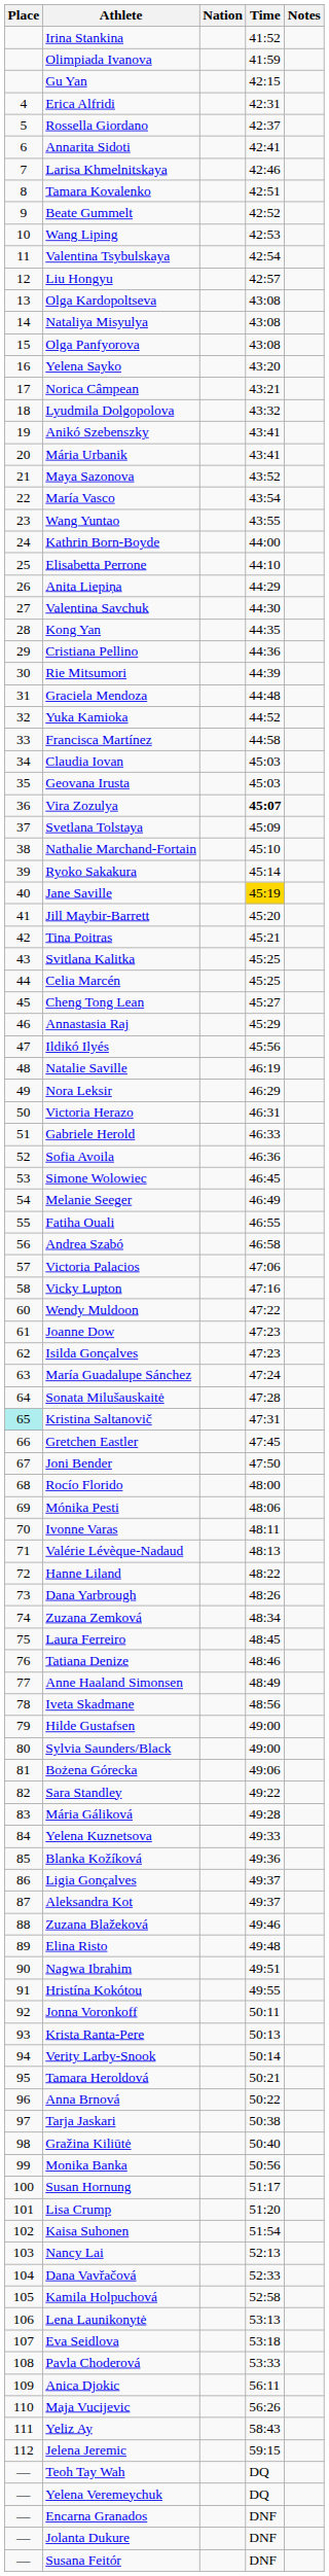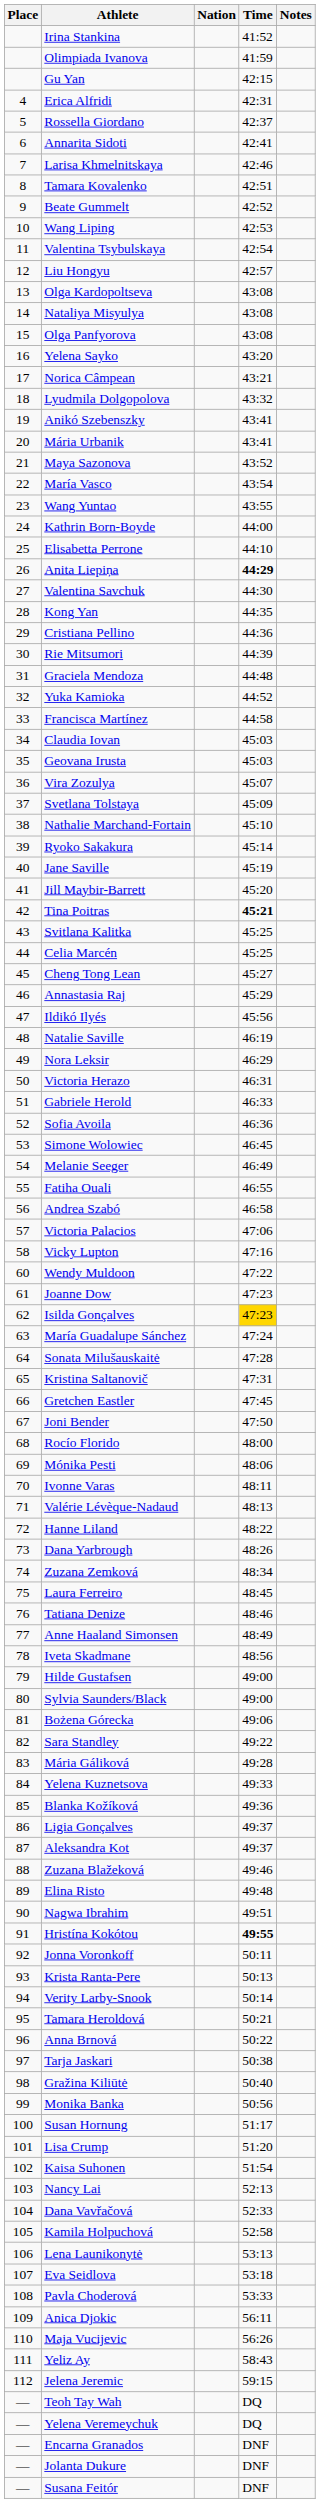 <table class="wikitable sortable">
 <tr>
 <th>Place</th>
 <th>Athlete</th>
 <th>Nation</th>
 <th>Time</th>
 <th>Notes</th>
 </tr>
 <tr>
 <td align=center></td>
 <td><a href='#'>Irina Stankina</a></td>
 <td></td>
 <td>41:52</td>
 <td> </td>
 </tr>
 <tr>
 <td align=center></td>
 <td><a href='#'>Olimpiada Ivanova</a></td>
 <td></td>
 <td>41:59</td>
 <td> </td>
 </tr>
 <tr>
 <td align=center></td>
 <td><a href='#'>Gu Yan</a></td>
 <td></td>
 <td>42:15</td>
 <td> </td>
 </tr>
 <tr>
 <td align=center>4</td>
 <td><a href='#'>Erica Alfridi</a></td>
 <td></td>
 <td>42:31</td>
 <td> </td>
 </tr>
 <tr>
 <td align=center>5</td>
 <td><a href='#'>Rossella Giordano</a></td>
 <td></td>
 <td>42:37</td>
 <td> </td>
 </tr>
 <tr>
 <td align=center>6</td>
 <td><a href='#'>Annarita Sidoti</a></td>
 <td></td>
 <td>42:41</td>
 <td> </td>
 </tr>
 <tr>
 <td align=center>7</td>
 <td><a href='#'>Larisa Khmelnitskaya</a></td>
 <td></td>
 <td>42:46</td>
 <td> </td>
 </tr>
 <tr>
 <td align=center>8</td>
 <td><a href='#'>Tamara Kovalenko</a></td>
 <td></td>
 <td>42:51</td>
 <td> </td>
 </tr>
 <tr>
 <td align=center>9</td>
 <td><a href='#'>Beate Gummelt</a></td>
 <td></td>
 <td>42:52</td>
 <td> </td>
 </tr>
 <tr>
 <td align=center>10</td>
 <td><a href='#'>Wang Liping</a></td>
 <td></td>
 <td>42:53</td>
 <td> </td>
 </tr>
 <tr>
 <td align=center>11</td>
 <td><a href='#'>Valentina Tsybulskaya</a></td>
 <td></td>
 <td>42:54</td>
 <td> </td>
 </tr>
 <tr>
 <td align=center>12</td>
 <td><a href='#'>Liu Hongyu</a></td>
 <td></td>
 <td>42:57</td>
 <td> </td>
 </tr>
 <tr>
 <td align=center>13</td>
 <td><a href='#'>Olga Kardopoltseva</a></td>
 <td></td>
 <td>43:08</td>
 <td> </td>
 </tr>
 <tr>
 <td align=center>14</td>
 <td><a href='#'>Nataliya Misyulya</a></td>
 <td></td>
 <td>43:08</td>
 <td> </td>
 </tr>
 <tr>
 <td align=center>15</td>
 <td><a href='#'>Olga Panfyorova</a></td>
 <td></td>
 <td>43:08</td>
 <td> </td>
 </tr>
 <tr>
 <td align=center>16</td>
 <td><a href='#'>Yelena Sayko</a></td>
 <td></td>
 <td>43:20</td>
 <td> </td>
 </tr>
 <tr>
 <td align=center>17</td>
 <td><a href='#'>Norica Câmpean</a></td>
 <td></td>
 <td>43:21</td>
 <td> </td>
 </tr>
 <tr>
 <td align=center>18</td>
 <td><a href='#'>Lyudmila Dolgopolova</a></td>
 <td></td>
 <td>43:32</td>
 <td> </td>
 </tr>
 <tr>
 <td align=center>19</td>
 <td><a href='#'>Anikó Szebenszky</a></td>
 <td></td>
 <td>43:41</td>
 <td> </td>
 </tr>
 <tr>
 <td align=center>20</td>
 <td><a href='#'>Mária Urbanik</a></td>
 <td></td>
 <td>43:41</td>
 <td> </td>
 </tr>
 <tr>
 <td align=center>21</td>
 <td><a href='#'>Maya Sazonova</a></td>
 <td></td>
 <td>43:52</td>
 <td></td>
 </tr>
 <tr>
 <td align=center>22</td>
 <td><a href='#'>María Vasco</a></td>
 <td></td>
 <td>43:54</td>
 <td></td>
 </tr>
 <tr>
 <td align=center>23</td>
 <td><a href='#'>Wang Yuntao</a></td>
 <td></td>
 <td>43:55</td>
 <td></td>
 </tr>
 <tr>
 <td align=center>24</td>
 <td><a href='#'>Kathrin Born-Boyde</a></td>
 <td></td>
 <td>44:00</td>
 <td></td>
 </tr>
 <tr>
 <td align=center>25</td>
 <td><a href='#'>Elisabetta Perrone</a></td>
 <td></td>
 <td>44:10</td>
 <td></td>
 </tr>
 <tr>
 <td align=center>26</td>
 <td><a href='#'>Anita Liepiņa</a></td>
 <td></td>
-<td>44:29</td>
+<td><strong>44:29</strong></td>
 <td></td>
 </tr>
 <tr>
 <td align=center>27</td>
 <td><a href='#'>Valentina Savchuk</a></td>
 <td></td>
 <td>44:30</td>
 <td></td>
 </tr>
 <tr>
 <td align=center>28</td>
 <td><a href='#'>Kong Yan</a></td>
 <td></td>
 <td>44:35</td>
 <td></td>
 </tr>
 <tr>
 <td align=center>29</td>
 <td><a href='#'>Cristiana Pellino</a></td>
 <td></td>
 <td>44:36</td>
 <td></td>
 </tr>
 <tr>
 <td align=center>30</td>
 <td><a href='#'>Rie Mitsumori</a></td>
 <td></td>
 <td>44:39</td>
 <td></td>
 </tr>
 <tr>
 <td align=center>31</td>
 <td><a href='#'>Graciela Mendoza</a></td>
 <td></td>
 <td>44:48</td>
 <td></td>
 </tr>
 <tr>
 <td align=center>32</td>
 <td><a href='#'>Yuka Kamioka</a></td>
 <td></td>
 <td>44:52</td>
 <td></td>
 </tr>
 <tr>
 <td align=center>33</td>
 <td><a href='#'>Francisca Martínez</a></td>
 <td></td>
 <td>44:58</td>
 <td></td>
 </tr>
 <tr>
 <td align=center>34</td>
 <td><a href='#'>Claudia Iovan</a></td>
 <td></td>
 <td>45:03</td>
 <td></td>
 </tr>
 <tr>
 <td align=center>35</td>
 <td><a href='#'>Geovana Irusta</a></td>
 <td></td>
 <td>45:03</td>
 <td></td>
 </tr>
 <tr>
 <td align=center>36</td>
 <td><a href='#'>Vira Zozulya</a></td>
 <td></td>
-<td><strong>45:07</strong></td>
+<td>45:07</td>
 <td></td>
 </tr>
 <tr>
 <td align=center>37</td>
 <td><a href='#'>Svetlana Tolstaya</a></td>
 <td></td>
 <td>45:09</td>
 <td></td>
 </tr>
 <tr>
 <td align=center>38</td>
 <td><a href='#'>Nathalie Marchand-Fortain</a></td>
 <td></td>
 <td>45:10</td>
 <td></td>
 </tr>
 <tr>
 <td align=center>39</td>
 <td><a href='#'>Ryoko Sakakura</a></td>
 <td></td>
 <td>45:14</td>
 <td></td>
 </tr>
 <tr>
 <td align=center>40</td>
 <td><a href='#'>Jane Saville</a></td>
 <td></td>
-<td style="background: gold;">45:19</td>
+<td>45:19</td>
 <td></td>
 </tr>
 <tr>
 <td align=center>41</td>
 <td><a href='#'>Jill Maybir-Barrett</a></td>
 <td></td>
 <td>45:20</td>
 <td></td>
 </tr>
 <tr>
 <td align=center>42</td>
 <td><a href='#'>Tina Poitras</a></td>
 <td></td>
-<td>45:21</td>
+<td><strong>45:21</strong></td>
 <td></td>
 </tr>
 <tr>
 <td align=center>43</td>
 <td><a href='#'>Svitlana Kalitka</a></td>
 <td></td>
 <td>45:25</td>
 <td></td>
 </tr>
 <tr>
 <td align=center>44</td>
 <td><a href='#'>Celia Marcén</a></td>
 <td></td>
 <td>45:25</td>
 <td></td>
 </tr>
 <tr>
 <td align=center>45</td>
 <td><a href='#'>Cheng Tong Lean</a></td>
 <td></td>
 <td>45:27</td>
 <td></td>
 </tr>
 <tr>
 <td align=center>46</td>
 <td><a href='#'>Annastasia Raj</a></td>
 <td></td>
 <td>45:29</td>
 <td></td>
 </tr>
 <tr>
 <td align=center>47</td>
 <td><a href='#'>Ildikó Ilyés</a></td>
 <td></td>
 <td>45:56</td>
 <td></td>
 </tr>
 <tr>
 <td align=center>48</td>
 <td><a href='#'>Natalie Saville</a></td>
 <td></td>
 <td>46:19</td>
 <td></td>
 </tr>
 <tr>
 <td align=center>49</td>
 <td><a href='#'>Nora Leksir</a></td>
 <td></td>
 <td>46:29</td>
 <td></td>
 </tr>
 <tr>
 <td align=center>50</td>
 <td><a href='#'>Victoria Herazo</a></td>
 <td></td>
 <td>46:31</td>
 <td></td>
 </tr>
 <tr>
 <td align=center>51</td>
 <td><a href='#'>Gabriele Herold</a></td>
 <td></td>
 <td>46:33</td>
 <td></td>
 </tr>
 <tr>
 <td align=center>52</td>
 <td><a href='#'>Sofia Avoila</a></td>
 <td></td>
 <td>46:36</td>
 <td></td>
 </tr>
 <tr>
 <td align=center>53</td>
 <td><a href='#'>Simone Wolowiec</a></td>
 <td></td>
 <td>46:45</td>
 <td></td>
 </tr>
 <tr>
 <td align=center>54</td>
 <td><a href='#'>Melanie Seeger</a></td>
 <td></td>
 <td>46:49</td>
 <td></td>
 </tr>
 <tr>
 <td align=center>55</td>
 <td><a href='#'>Fatiha Ouali</a></td>
 <td></td>
 <td>46:55</td>
 <td></td>
 </tr>
 <tr>
 <td align=center>56</td>
 <td><a href='#'>Andrea Szabó</a></td>
 <td></td>
 <td>46:58</td>
 <td></td>
 </tr>
 <tr>
 <td align=center>57</td>
 <td><a href='#'>Victoria Palacios</a></td>
 <td></td>
 <td>47:06</td>
 <td></td>
 </tr>
 <tr>
 <td align=center>58</td>
 <td><a href='#'>Vicky Lupton</a></td>
 <td></td>
 <td>47:16</td>
 <td></td>
 </tr>
 <tr>
 <td align=center>60</td>
 <td><a href='#'>Wendy Muldoon</a></td>
 <td></td>
 <td>47:22</td>
 <td></td>
 </tr>
 <tr>
 <td align=center>61</td>
 <td><a href='#'>Joanne Dow</a></td>
 <td></td>
 <td>47:23</td>
 <td></td>
 </tr>
 <tr>
 <td align=center>62</td>
 <td><a href='#'>Isilda Gonçalves</a></td>
 <td></td>
-<td>47:23</td>
+<td style="background: gold;">47:23</td>
 <td></td>
 </tr>
 <tr>
 <td align=center>63</td>
 <td><a href='#'>María Guadalupe Sánchez</a></td>
 <td></td>
 <td>47:24</td>
 <td></td>
 </tr>
 <tr>
 <td align=center>64</td>
 <td><a href='#'>Sonata Milušauskaitė</a></td>
 <td></td>
 <td>47:28</td>
 <td></td>
 </tr>
 <tr>
-<td align=center style="background: paleturquoise;">65</td>
+<td align=center>65</td>
 <td><a href='#'>Kristina Saltanovič</a></td>
 <td></td>
 <td>47:31</td>
 <td></td>
 </tr>
 <tr>
 <td align=center>66</td>
 <td><a href='#'>Gretchen Eastler</a></td>
 <td></td>
 <td>47:45</td>
 <td></td>
 </tr>
 <tr>
 <td align=center>67</td>
 <td><a href='#'>Joni Bender</a></td>
 <td></td>
 <td>47:50</td>
 <td></td>
 </tr>
 <tr>
 <td align=center>68</td>
 <td><a href='#'>Rocío Florido</a></td>
 <td></td>
 <td>48:00</td>
 <td></td>
 </tr>
 <tr>
 <td align=center>69</td>
 <td><a href='#'>Mónika Pesti</a></td>
 <td></td>
 <td>48:06</td>
 <td></td>
 </tr>
 <tr>
 <td align=center>70</td>
 <td><a href='#'>Ivonne Varas</a></td>
 <td></td>
 <td>48:11</td>
 <td></td>
 </tr>
 <tr>
 <td align=center>71</td>
 <td><a href='#'>Valérie Lévèque-Nadaud</a></td>
 <td></td>
 <td>48:13</td>
 <td></td>
 </tr>
 <tr>
 <td align=center>72</td>
 <td><a href='#'>Hanne Liland</a></td>
 <td></td>
 <td>48:22</td>
 <td></td>
 </tr>
 <tr>
 <td align=center>73</td>
 <td><a href='#'>Dana Yarbrough</a></td>
 <td></td>
 <td>48:26</td>
 <td></td>
 </tr>
 <tr>
 <td align=center>74</td>
 <td><a href='#'>Zuzana Zemková</a></td>
 <td></td>
 <td>48:34</td>
 <td></td>
 </tr>
 <tr>
 <td align=center>75</td>
 <td><a href='#'>Laura Ferreiro</a></td>
 <td></td>
 <td>48:45</td>
 <td></td>
 </tr>
 <tr>
 <td align=center>76</td>
 <td><a href='#'>Tatiana Denize</a></td>
 <td></td>
 <td>48:46</td>
 <td></td>
 </tr>
 <tr>
 <td align=center>77</td>
 <td><a href='#'>Anne Haaland Simonsen</a></td>
 <td></td>
 <td>48:49</td>
 <td></td>
 </tr>
 <tr>
 <td align=center>78</td>
 <td><a href='#'>Iveta Skadmane</a></td>
 <td></td>
 <td>48:56</td>
 <td></td>
 </tr>
 <tr>
 <td align=center>79</td>
 <td><a href='#'>Hilde Gustafsen</a></td>
 <td></td>
 <td>49:00</td>
 <td></td>
 </tr>
 <tr>
 <td align=center>80</td>
 <td><a href='#'>Sylvia Saunders/Black</a></td>
 <td></td>
 <td>49:00</td>
 <td></td>
 </tr>
 <tr>
 <td align=center>81</td>
 <td><a href='#'>Bożena Górecka</a></td>
 <td></td>
 <td>49:06</td>
 <td></td>
 </tr>
 <tr>
 <td align=center>82</td>
 <td><a href='#'>Sara Standley</a></td>
 <td></td>
 <td>49:22</td>
 <td></td>
 </tr>
 <tr>
 <td align=center>83</td>
 <td><a href='#'>Mária Gáliková</a></td>
 <td></td>
 <td>49:28</td>
 <td></td>
 </tr>
 <tr>
 <td align=center>84</td>
 <td><a href='#'>Yelena Kuznetsova</a></td>
 <td></td>
 <td>49:33</td>
 <td></td>
 </tr>
 <tr>
 <td align=center>85</td>
 <td><a href='#'>Blanka Kožíková</a></td>
 <td></td>
 <td>49:36</td>
 <td></td>
 </tr>
 <tr>
 <td align=center>86</td>
 <td><a href='#'>Ligia Gonçalves</a></td>
 <td></td>
 <td>49:37</td>
 <td></td>
 </tr>
 <tr>
 <td align=center>87</td>
 <td><a href='#'>Aleksandra Kot</a></td>
 <td></td>
 <td>49:37</td>
 <td></td>
 </tr>
 <tr>
 <td align=center>88</td>
 <td><a href='#'>Zuzana Blažeková</a></td>
 <td></td>
 <td>49:46</td>
 <td></td>
 </tr>
 <tr>
 <td align=center>89</td>
 <td><a href='#'>Elina Risto</a></td>
 <td></td>
 <td>49:48</td>
 <td></td>
 </tr>
 <tr>
 <td align=center>90</td>
 <td><a href='#'>Nagwa Ibrahim</a></td>
 <td></td>
 <td>49:51</td>
 <td></td>
 </tr>
 <tr>
 <td align=center>91</td>
 <td><a href='#'>Hristína Kokótou</a></td>
 <td></td>
-<td>49:55</td>
+<td><strong>49:55</strong></td>
 <td></td>
 </tr>
 <tr>
 <td align=center>92</td>
 <td><a href='#'>Jonna Voronkoff</a></td>
 <td></td>
 <td>50:11</td>
 <td></td>
 </tr>
 <tr>
 <td align=center>93</td>
 <td><a href='#'>Krista Ranta-Pere</a></td>
 <td></td>
 <td>50:13</td>
 <td></td>
 </tr>
 <tr>
 <td align=center>94</td>
 <td><a href='#'>Verity Larby-Snook</a></td>
 <td></td>
 <td>50:14</td>
 <td></td>
 </tr>
 <tr>
 <td align=center>95</td>
 <td><a href='#'>Tamara Heroldová</a></td>
 <td></td>
 <td>50:21</td>
 <td></td>
 </tr>
 <tr>
 <td align=center>96</td>
 <td><a href='#'>Anna Brnová</a></td>
 <td></td>
 <td>50:22</td>
 <td></td>
 </tr>
 <tr>
 <td align=center>97</td>
 <td><a href='#'>Tarja Jaskari</a></td>
 <td></td>
 <td>50:38</td>
 <td></td>
 </tr>
 <tr>
 <td align=center>98</td>
 <td><a href='#'>Gražina Kiliūtė</a></td>
 <td></td>
 <td>50:40</td>
 <td></td>
 </tr>
 <tr>
 <td align=center>99</td>
 <td><a href='#'>Monika Banka</a></td>
 <td></td>
 <td>50:56</td>
 <td></td>
 </tr>
 <tr>
 <td align=center>100</td>
 <td><a href='#'>Susan Hornung</a></td>
 <td></td>
 <td>51:17</td>
 <td></td>
 </tr>
 <tr>
 <td align=center>101</td>
 <td><a href='#'>Lisa Crump</a></td>
 <td></td>
 <td>51:20</td>
 <td></td>
 </tr>
 <tr>
 <td align=center>102</td>
 <td><a href='#'>Kaisa Suhonen</a></td>
 <td></td>
 <td>51:54</td>
 <td></td>
 </tr>
 <tr>
 <td align=center>103</td>
 <td><a href='#'>Nancy Lai</a></td>
 <td></td>
 <td>52:13</td>
 <td></td>
 </tr>
 <tr>
 <td align=center>104</td>
 <td><a href='#'>Dana Vavřačová</a></td>
 <td></td>
 <td>52:33</td>
 <td></td>
 </tr>
 <tr>
 <td align=center>105</td>
 <td><a href='#'>Kamila Holpuchová</a></td>
 <td></td>
 <td>52:58</td>
 <td></td>
 </tr>
 <tr>
 <td align=center>106</td>
 <td><a href='#'>Lena Launikonytė</a></td>
 <td></td>
 <td>53:13</td>
 <td></td>
 </tr>
 <tr>
 <td align=center>107</td>
 <td><a href='#'>Eva Seidlova</a></td>
 <td></td>
 <td>53:18</td>
 <td></td>
 </tr>
 <tr>
 <td align=center>108</td>
 <td><a href='#'>Pavla Choderová</a></td>
 <td></td>
 <td>53:33</td>
 <td></td>
 </tr>
 <tr>
 <td align=center>109</td>
 <td><a href='#'>Anica Djokic</a></td>
 <td></td>
 <td>56:11</td>
 <td></td>
 </tr>
 <tr>
 <td align=center>110</td>
 <td><a href='#'>Maja Vucijevic</a></td>
 <td></td>
 <td>56:26</td>
 <td></td>
 </tr>
 <tr>
 <td align=center>111</td>
 <td><a href='#'>Yeliz Ay</a></td>
 <td></td>
 <td>58:43</td>
 <td></td>
 </tr>
 <tr>
 <td align=center>112</td>
 <td><a href='#'>Jelena Jeremic</a></td>
 <td></td>
 <td>59:15</td>
 <td></td>
 </tr>
 <tr>
 <td align=center>—</td>
 <td><a href='#'>Teoh Tay Wah</a></td>
 <td></td>
 <td>DQ</td>
 <td></td>
 </tr>
 <tr>
 <td align=center>—</td>
 <td><a href='#'>Yelena Veremeychuk</a></td>
 <td></td>
 <td>DQ</td>
 <td></td>
 </tr>
 <tr>
 <td align=center>—</td>
 <td><a href='#'>Encarna Granados</a></td>
 <td></td>
 <td>DNF</td>
 <td></td>
 </tr>
 <tr>
 <td align=center>—</td>
 <td><a href='#'>Jolanta Dukure</a></td>
 <td></td>
 <td>DNF</td>
 <td></td>
 </tr>
 <tr>
 <td align=center>—</td>
 <td><a href='#'>Susana Feitór</a></td>
 <td></td>
 <td>DNF</td>
 <td></td>
 </tr>
 </table>
